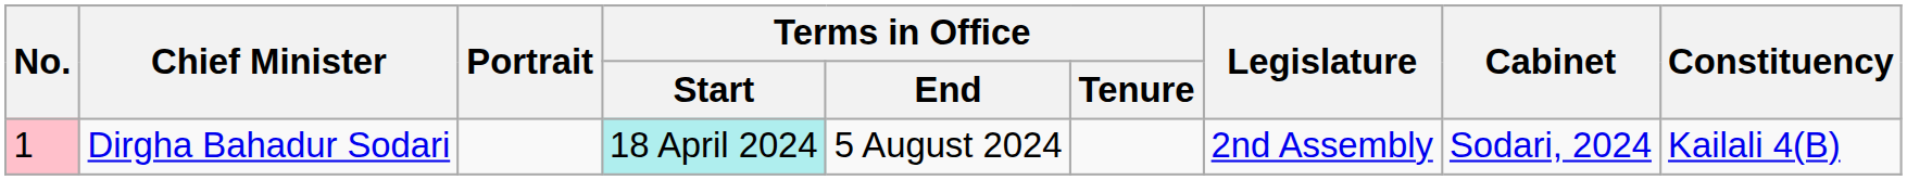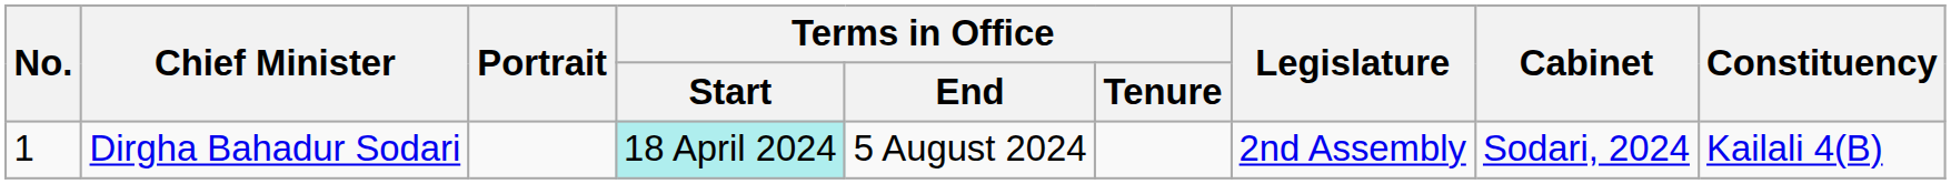 <table class="wikitable">
 <tr>
 <th rowspan="2" style="background-color:">No.</th>
 <th rowspan="2" style="background-color:">Chief Minister</th>
 <th rowspan="2" style="background-color:">Portrait</th>
 <th colspan="3" style="background-color:">Terms in Office</th>
 <th rowspan="2" style="background-color:">Legislature</th>
 <th rowspan="2" style="background-color:">Cabinet</th>
 <th rowspan="2" style="background-color:">Constituency</th>
 </tr>
 <tr>
 <th style="background-color:">Start</th>
 <th style="background-color:">End</th>
 <th style="background-color:">Tenure</th>
 </tr>
 <tr>
-<td style="background: pink;">1</td>
+<td>1</td>
 <td><a href='#'>Dirgha Bahadur Sodari</a></td>
 <td></td>
 <td style="background: paleturquoise;">18 April 2024</td>
 <td>5 August 2024</td>
 <td></td>
 <td><a href='#'>2nd Assembly</a></td>
 <td><a href='#'>Sodari, 2024</a></td>
 <td><a href='#'>Kailali 4(B)</a></td>
 </tr>
 </table>
